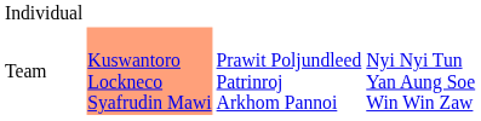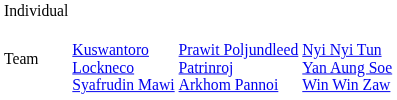 <table>
 <tr>
 <td>Individual</td>
 <td></td>
 <td></td>
 <td></td>
 </tr>
 <tr>
 <td>Team</td>
-<td style="background: lightsalmon;"><br><a href='#'>Kuswantoro</a><br><a href='#'>Lockneco</a><br><a href='#'>Syafrudin Mawi</a></td>
+<td><br><a href='#'>Kuswantoro</a><br><a href='#'>Lockneco</a><br><a href='#'>Syafrudin Mawi</a></td>
 <td><br><a href='#'>Prawit Poljundleed</a><br><a href='#'>Patrinroj</a><br><a href='#'>Arkhom Pannoi</a></td>
 <td><br><a href='#'>Nyi Nyi Tun</a><br><a href='#'>Yan Aung Soe</a><br><a href='#'>Win Win Zaw</a></td>
 </tr>
 </table>
